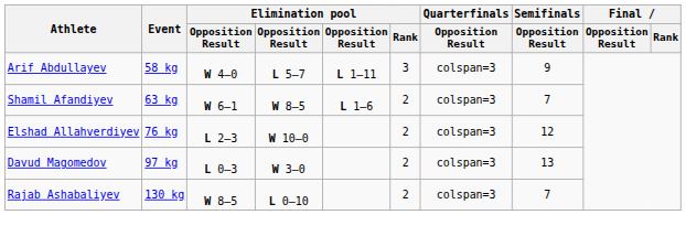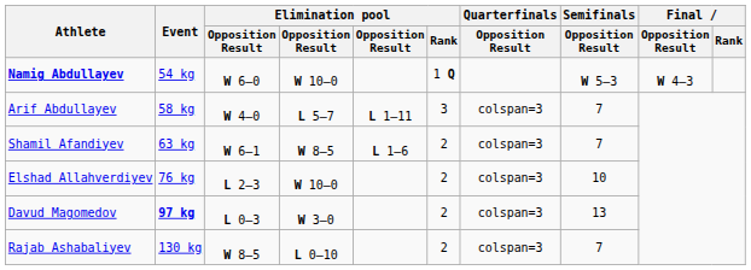 <table class=wikitable style=font-size:90%;text-align:center>
 <tr>
 <th rowspan=2>Athlete</th>
 <th rowspan=2>Event</th>
 <th colspan=4>Elimination pool</th>
 <th>Quarterfinals</th>
 <th>Semifinals</th>
 <th colspan=2>Final / </th>
 </tr>
 <tr style=font-size:95%>
 <th>Opposition<br>Result</th>
 <th>Opposition<br>Result</th>
 <th>Opposition<br>Result</th>
 <th>Rank</th>
 <th>Opposition<br>Result</th>
 <th>Opposition<br>Result</th>
 <th>Opposition<br>Result</th>
 <th>Rank</th>
 </tr>
 <tr>
+<td align=left><strong><a href='#'>Namig Abdullayev</a></strong></td>
+<td align=left><a href='#'>54 kg</a></td>
+<td><br><strong>W</strong> 6–0</td>
+<td><br><strong>W</strong> 10–0</td>
+<td></td>
+<td>1 <strong>Q</strong></td>
+<td></td>
+<td><br><strong>W</strong> 5–3</td>
+<td><br><strong>W</strong> 4–3</td>
+<td></td>
+</tr>
+<tr>
 <td align=left><a href='#'>Arif Abdullayev</a></td>
 <td align=left><a href='#'>58 kg</a></td>
 <td><br><strong>W</strong> 4–0</td>
 <td><br><strong>L</strong> 5–7</td>
 <td><br><strong>L</strong> 1–11</td>
 <td>3</td>
 <td>colspan=3 </td>
-<td>9</td>
+<td>7</td>
 </tr>
 <tr>
 <td align=left><a href='#'>Shamil Afandiyev</a></td>
 <td align=left><a href='#'>63 kg</a></td>
 <td><br><strong>W</strong> 6–1</td>
 <td><br><strong>W</strong> 8–5</td>
 <td><br><strong>L</strong> 1–6</td>
 <td>2</td>
 <td>colspan=3 </td>
 <td>7</td>
 </tr>
 <tr>
 <td align=left><a href='#'>Elshad Allahverdiyev</a></td>
 <td align=left><a href='#'>76 kg</a></td>
 <td><br><strong>L</strong> 2–3</td>
 <td><br><strong>W</strong> 10–0</td>
 <td></td>
 <td>2</td>
 <td>colspan=3 </td>
-<td>12</td>
+<td>10</td>
 </tr>
 <tr>
 <td align=left><a href='#'>Davud Magomedov</a></td>
-<td align=left><a href='#'>97 kg</a></td>
+<td align=left><strong><a href='#'>97 kg</a></strong></td>
 <td><br><strong>L</strong> 0–3</td>
 <td><br><strong>W</strong> 3–0</td>
 <td></td>
 <td>2</td>
 <td>colspan=3 </td>
 <td>13</td>
 </tr>
 <tr>
 <td align=left><a href='#'>Rajab Ashabaliyev</a></td>
 <td align=left><a href='#'>130 kg</a></td>
 <td><br><strong>W</strong> 8–5</td>
 <td><br><strong>L</strong> 0–10</td>
 <td></td>
 <td>2</td>
 <td>colspan=3 </td>
 <td>7</td>
 </tr>
 </table>
